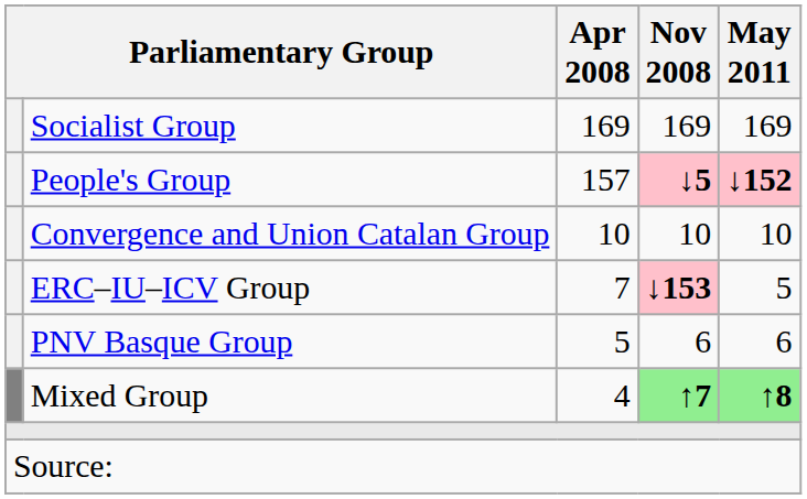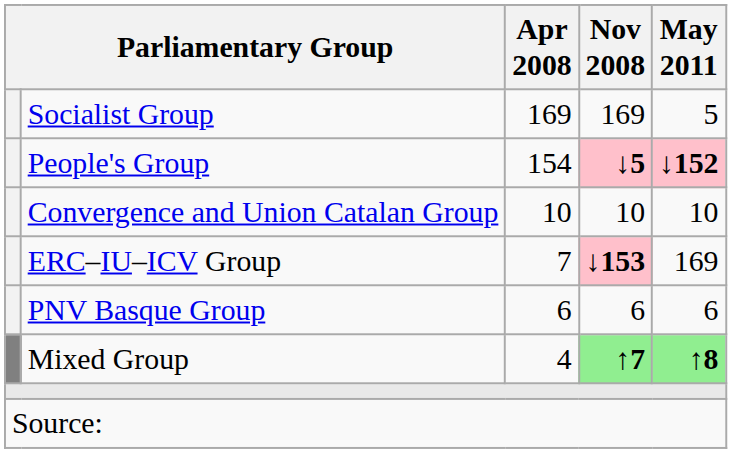 <table class="wikitable" style="font-size:95%;">
 <tr>
 <th colspan="2">Parliamentary Group</th>
 <th>Apr<br>2008</th>
 <th>Nov<br>2008</th>
 <th>May<br>2011</th>
 </tr>
 <tr>
 <th width="1px" style="background-color:"></th>
 <td><a href='#'>Socialist Group</a></td>
 <td align="right">169</td>
 <td align="right">169</td>
-<td align="right">169</td>
+<td align="right">5</td>
 </tr>
 <tr>
 <th style="background-color:"></th>
 <td><a href='#'>People's Group</a></td>
-<td align="right">157</td>
+<td align="right">154</td>
 <td align="right" style="background:pink;">↓<strong><span>5</span></strong></td>
 <td align="right" style="background:pink;">↓<strong><span>152</span></strong></td>
 </tr>
 <tr>
 <th style="background-color:"></th>
 <td><a href='#'>Convergence and Union Catalan Group</a></td>
 <td align="right">10</td>
 <td align="right">10</td>
 <td align="right">10</td>
 </tr>
 <tr>
 <th style="background-color:"></th>
 <td><a href='#'>ERC</a>–<a href='#'>IU</a>–<a href='#'>ICV</a> Group</td>
 <td align="right">7</td>
 <td align="right" style="background:pink;">↓<strong><span>153</span></strong></td>
-<td align="right">5</td>
+<td align="right">169</td>
 </tr>
 <tr>
 <th style="background-color:"></th>
 <td><a href='#'>PNV Basque Group</a></td>
-<td align="right">5</td>
+<td align="right">6</td>
 <td align="right">6</td>
 <td align="right">6</td>
 </tr>
 <tr>
 <th style="background-color:gray"></th>
 <td>Mixed Group</td>
 <td align="right">4</td>
 <td align="right" style="background:lightgreen;">↑<strong><span>7</span></strong></td>
 <td align="right" style="background:lightgreen;">↑<strong><span>8</span></strong></td>
 </tr>
 <tr>
 <td colspan="5" bgcolor="#E9E9E9"></td>
 </tr>
 <tr>
 <td align="left" colspan="5">Source: </td>
 </tr>
 </table>
